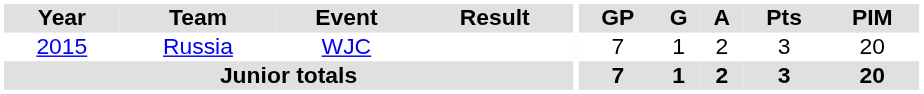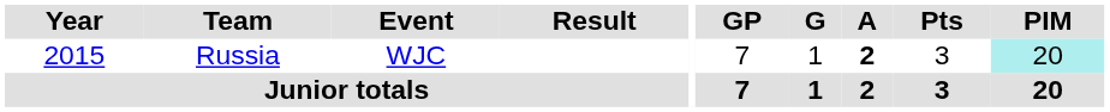 <table border="0" cellpadding="1" cellspacing="0" ID="Table3" style="text-align:center; width:40em">
 <tr ALIGN="center" bgcolor="#e0e0e0">
 <th>Year</th>
 <th>Team</th>
 <th>Event</th>
 <th>Result</th>
 <th rowspan="99" bgcolor="#ffffff"></th>
 <th>GP</th>
 <th>G</th>
 <th>A</th>
 <th>Pts</th>
 <th>PIM</th>
 </tr>
 <tr>
 <td><a href='#'>2015</a></td>
 <td><a href='#'>Russia</a></td>
 <td><a href='#'>WJC</a></td>
 <td></td>
 <td>7</td>
 <td>1</td>
-<td>2</td>
+<td><strong>2</strong></td>
 <td>3</td>
-<td>20</td>
+<td style="background: paleturquoise;">20</td>
 </tr>
 <tr bgcolor="#e0e0e0">
 <th colspan="4">Junior totals</th>
 <th>7</th>
 <th>1</th>
 <th>2</th>
 <th>3</th>
 <th>20</th>
 </tr>
 </table>
